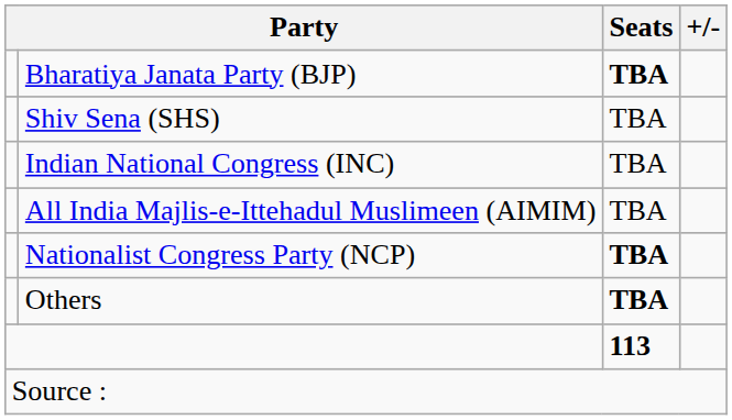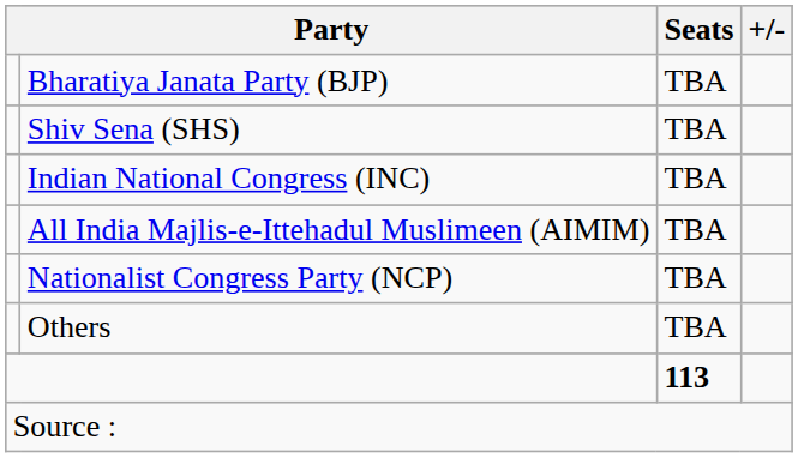 <table class="sortable wikitable">
 <tr>
 <th colspan="2">Party</th>
 <th>Seats</th>
 <th>+/-</th>
 </tr>
 <tr>
 <td style="background-color: "></td>
 <td><a href='#'>Bharatiya Janata Party</a> (BJP)</td>
-<td><strong>TBA</strong></td>
+<td>TBA</td>
 <td></td>
 </tr>
 <tr>
 <td style="background-color: "></td>
 <td><a href='#'>Shiv Sena</a> (SHS)</td>
 <td>TBA</td>
 <td></td>
 </tr>
 <tr>
 <td style="background-color: "></td>
 <td><a href='#'>Indian National Congress</a> (INC)</td>
 <td>TBA</td>
 <td></td>
 </tr>
 <tr>
 <td style="background-color: "></td>
 <td><a href='#'>All India Majlis-e-Ittehadul Muslimeen</a> (AIMIM)</td>
 <td>TBA</td>
 <td></td>
 </tr>
 <tr>
 <td style="background-color: "></td>
 <td><a href='#'>Nationalist Congress Party</a> (NCP)</td>
-<td><strong>TBA</strong></td>
+<td>TBA</td>
 <td></td>
 </tr>
 <tr>
 <td style="background-color: "></td>
 <td>Others</td>
-<td><strong>TBA</strong></td>
+<td>TBA</td>
 <td></td>
 </tr>
 <tr>
 <td colspan="2"></td>
 <td><strong>113</strong></td>
 </tr>
 <tr>
 <td colspan="4">Source :</td>
 </tr>
 </table>
